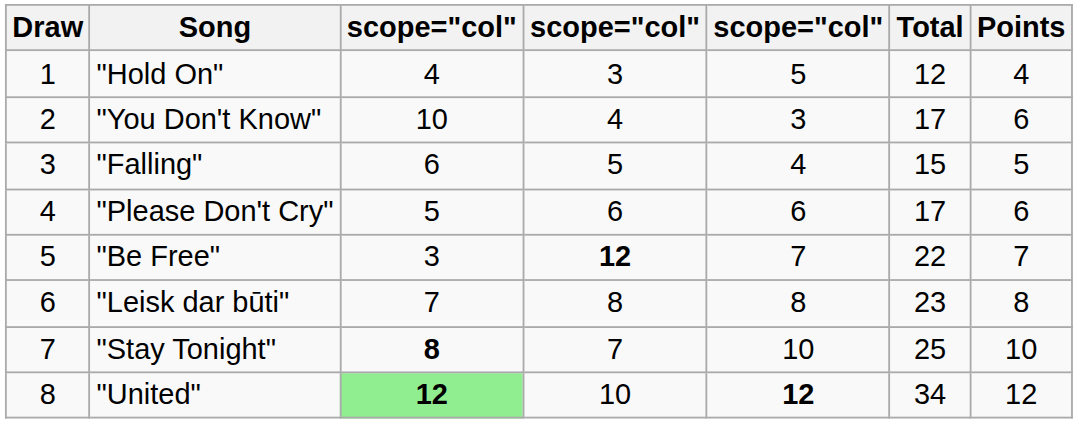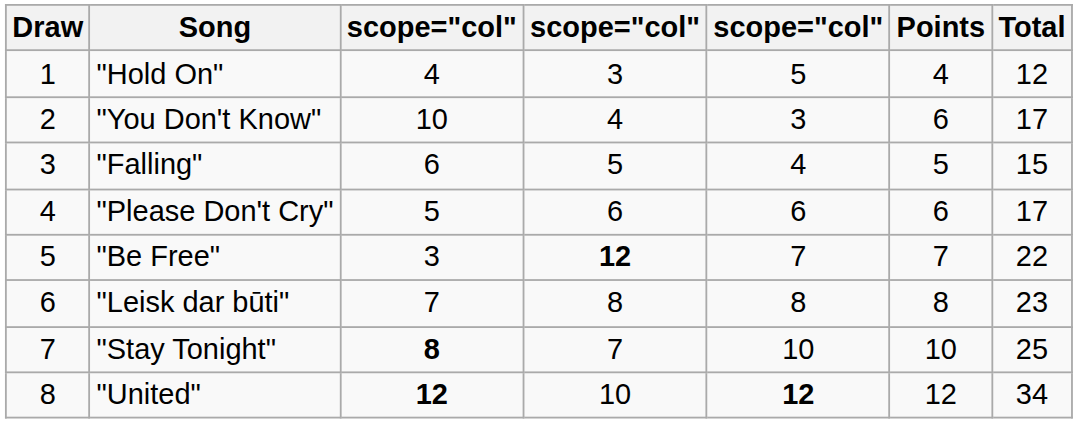 <table class="wikitable collapsible" style="margin: 1em auto 1em auto; text-align:center;">
 <tr>
 <th>Draw</th>
 <th>Song</th>
 <th>scope="col" </th>
 <th>scope="col" </th>
 <th>scope="col" </th>
+<th>Points</th>
 <th>Total</th>
-<th>Points</th>
 </tr>
 <tr>
 <td>1</td>
 <td align="left">"Hold On"</td>
 <td>4</td>
 <td>3</td>
 <td>5</td>
+<td>4</td>
 <td>12</td>
-<td>4</td>
 </tr>
 <tr>
 <td>2</td>
 <td align="left">"You Don't Know"</td>
 <td>10</td>
 <td>4</td>
 <td>3</td>
+<td>6</td>
 <td>17</td>
-<td>6</td>
 </tr>
 <tr>
 <td>3</td>
 <td align="left">"Falling"</td>
 <td>6</td>
 <td>5</td>
 <td>4</td>
+<td>5</td>
 <td>15</td>
-<td>5</td>
 </tr>
 <tr>
 <td>4</td>
 <td align="left">"Please Don't Cry"</td>
 <td>5</td>
 <td>6</td>
 <td>6</td>
+<td>6</td>
 <td>17</td>
-<td>6</td>
 </tr>
 <tr>
 <td>5</td>
 <td align="left">"Be Free"</td>
 <td>3</td>
 <td><strong>12</strong></td>
 <td>7</td>
+<td>7</td>
 <td>22</td>
-<td>7</td>
 </tr>
 <tr>
 <td>6</td>
 <td align="left">"Leisk dar būti"</td>
 <td>7</td>
 <td>8</td>
 <td>8</td>
+<td>8</td>
 <td>23</td>
-<td>8</td>
 </tr>
 <tr>
 <td>7</td>
 <td align="left">"Stay Tonight"</td>
 <td><strong>8</strong></td>
 <td>7</td>
 <td>10</td>
+<td>10</td>
 <td>25</td>
-<td>10</td>
 </tr>
 <tr>
 <td>8</td>
 <td align="left">"United"</td>
-<td style="background: lightgreen;"><strong>12</strong></td>
+<td><strong>12</strong></td>
 <td>10</td>
 <td><strong>12</strong></td>
+<td>12</td>
 <td>34</td>
-<td>12</td>
 </tr>
 </table>
